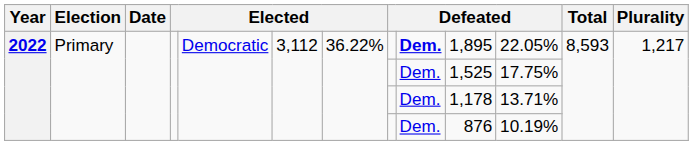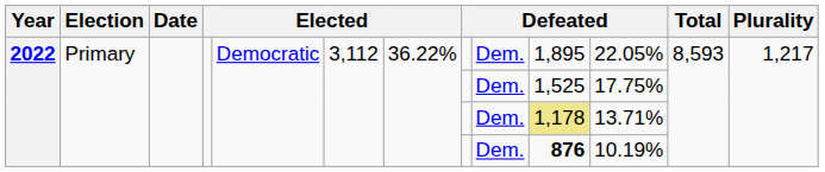 <table class="wikitable">
 <tr>
 <th>Year</th>
 <th>Election</th>
 <th>Date</th>
 <th colspan="4">Elected</th>
 <th colspan="4">Defeated</th>
 <th>Total</th>
 <th>Plurality</th>
 </tr>
 <tr>
 <th rowspan="4" valign="top"><a href='#'>2022</a></th>
 <td rowspan="4" valign="top">Primary</td>
 <td rowspan="4" valign="top"></td>
 <td rowspan="4" valign="top"></td>
 <td rowspan="4" valign="top" ><a href='#'>Democratic</a></td>
 <td rowspan="4" align="right" valign="top">3,112</td>
 <td rowspan="4" align="right" valign="top">36.22%</td>
 <td valign="top"></td>
-<td valign="top" ><strong><a href='#'>Dem.</a></strong></td>
+<td valign="top" ><a href='#'>Dem.</a></td>
 <td align="right" valign="top">1,895</td>
 <td align="right" valign="top">22.05%</td>
 <td rowspan="4" align="right" valign="top">8,593</td>
 <td rowspan="4" align="right" valign="top">1,217</td>
 </tr>
 <tr>
 <td valign="top"></td>
 <td valign="top" ><a href='#'>Dem.</a></td>
 <td align="right" valign="top">1,525</td>
 <td align="right" valign="top">17.75%</td>
 </tr>
 <tr>
 <td valign="top"></td>
 <td valign="top" ><a href='#'>Dem.</a></td>
-<td align="right" valign="top">1,178</td>
+<td align="right" valign="top" style="background: khaki;">1,178</td>
 <td align="right" valign="top">13.71%</td>
 </tr>
 <tr>
 <td valign="top"></td>
 <td valign="top" ><a href='#'>Dem.</a></td>
-<td align="right" valign="top">876</td>
+<td align="right" valign="top"><strong>876</strong></td>
 <td align="right" valign="top">10.19%</td>
 </tr>
 </table>
